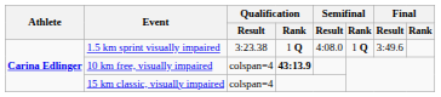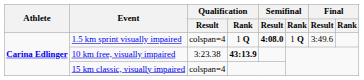 <table class="wikitable" style="font-size:90%">
 <tr>
 <th rowspan=2>Athlete</th>
 <th rowspan=2>Event</th>
 <th colspan=2>Qualification</th>
 <th colspan=2>Semifinal</th>
 <th colspan=2>Final</th>
 </tr>
 <tr style="font-size:95%">
 <th>Result</th>
 <th>Rank</th>
 <th>Result</th>
 <th>Rank</th>
 <th>Result</th>
 <th>Rank</th>
 </tr>
 <tr align=center>
 <td style="text-align:left;" rowspan="3"><strong><a href='#'>Carina Edlinger</a><br></strong></td>
 <td align=left><a href='#'>1.5 km sprint visually impaired</a></td>
-<td>3:23.38</td>
+<td>colspan=4 </td>
 <td>1 <strong>Q</strong></td>
-<td>4:08.0</td>
+<td><strong>4:08.0</strong></td>
 <td>1 <strong>Q</strong></td>
 <td>3:49.6</td>
 <td></td>
 </tr>
 <tr align=center>
 <td align=left><a href='#'>10 km free, visually impaired</a></td>
-<td>colspan=4 </td>
+<td>3:23.38</td>
 <td><strong>43:13.9</strong></td>
 <td></td>
 </tr>
 <tr align=center>
 <td align=left><a href='#'>15 km classic, visually impaired</a></td>
 <td>colspan=4 </td>
 <td colspan=2></td>
 </tr>
 </table>
